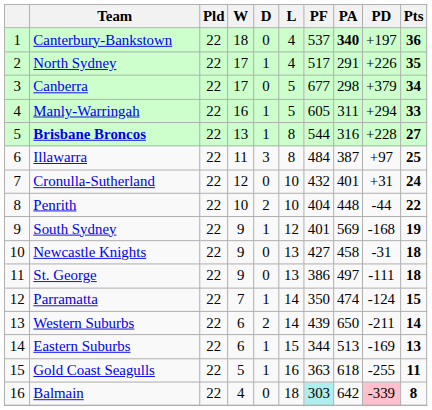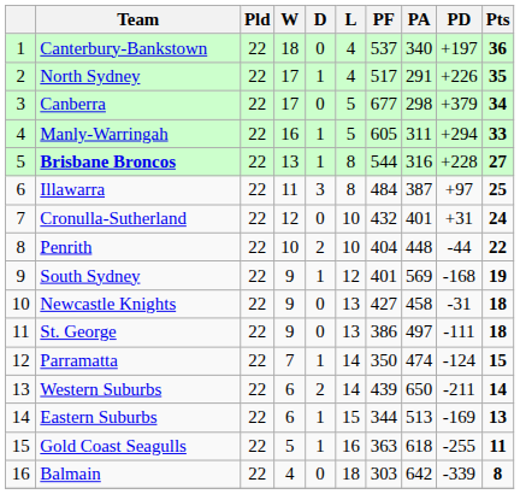 <table class="wikitable" style="text-align:center;">
 <tr>
 <th width=20 abbr="Position×"></th>
 <th width=175>Team</th>
 <th width=20 abbr="Played">Pld</th>
 <th width=20 abbr="Won">W</th>
 <th width=20 abbr="Drawn">D</th>
 <th width=20 abbr="Lost">L</th>
 <th width=20 abbr="Points for">PF</th>
 <th width=20 abbr="Points against">PA</th>
 <th width=20 abbr="Points difference">PD</th>
 <th width=20 abbr="Points">Pts</th>
 </tr>
 <tr style="background: #ccffcc;">
 <td>1</td>
 <td style="text-align:left;"> <a href='#'>Canterbury-Bankstown</a></td>
 <td>22</td>
 <td>18</td>
 <td>0</td>
 <td>4</td>
 <td>537</td>
-<td><strong>340</strong></td>
+<td>340</td>
 <td>+197</td>
 <td><strong>36</strong></td>
 </tr>
 <tr style="background: #ccffcc;">
 <td>2</td>
 <td style="text-align:left;"> <a href='#'>North Sydney</a></td>
 <td>22</td>
 <td>17</td>
 <td>1</td>
 <td>4</td>
 <td>517</td>
 <td>291</td>
 <td>+226</td>
 <td><strong>35</strong></td>
 </tr>
 <tr style="background: #ccffcc;">
 <td>3</td>
 <td style="text-align:left;"> <a href='#'>Canberra</a></td>
 <td>22</td>
 <td>17</td>
 <td>0</td>
 <td>5</td>
 <td>677</td>
 <td>298</td>
 <td>+379</td>
 <td><strong>34</strong></td>
 </tr>
 <tr style="background: #ccffcc;">
 <td>4</td>
 <td style="text-align:left;"> <a href='#'>Manly-Warringah</a></td>
 <td>22</td>
 <td>16</td>
 <td>1</td>
 <td>5</td>
 <td>605</td>
 <td>311</td>
 <td>+294</td>
 <td><strong>33</strong></td>
 </tr>
 <tr style="background: #ccffcc;">
 <td>5</td>
 <td style="text-align:left;"> <strong><a href='#'>Brisbane Broncos</a></strong></td>
 <td>22</td>
 <td>13</td>
 <td>1</td>
 <td>8</td>
 <td>544</td>
 <td>316</td>
 <td>+228</td>
 <td><strong>27</strong></td>
 </tr>
 <tr>
 <td>6</td>
 <td style="text-align:left;"> <a href='#'>Illawarra</a></td>
 <td>22</td>
 <td>11</td>
 <td>3</td>
 <td>8</td>
 <td>484</td>
 <td>387</td>
 <td>+97</td>
 <td><strong>25</strong></td>
 </tr>
 <tr>
 <td>7</td>
 <td style="text-align:left;"> <a href='#'>Cronulla-Sutherland</a></td>
 <td>22</td>
 <td>12</td>
 <td>0</td>
 <td>10</td>
 <td>432</td>
 <td>401</td>
 <td>+31</td>
 <td><strong>24</strong></td>
 </tr>
 <tr>
 <td>8</td>
 <td style="text-align:left;"> <a href='#'>Penrith</a></td>
 <td>22</td>
 <td>10</td>
 <td>2</td>
 <td>10</td>
 <td>404</td>
 <td>448</td>
 <td>-44</td>
 <td><strong>22</strong></td>
 </tr>
 <tr>
 <td>9</td>
 <td style="text-align:left;"> <a href='#'>South Sydney</a></td>
 <td>22</td>
 <td>9</td>
 <td>1</td>
 <td>12</td>
 <td>401</td>
 <td>569</td>
 <td>-168</td>
 <td><strong>19</strong></td>
 </tr>
 <tr>
 <td>10</td>
 <td style="text-align:left;"> <a href='#'>Newcastle Knights</a></td>
 <td>22</td>
 <td>9</td>
 <td>0</td>
 <td>13</td>
 <td>427</td>
 <td>458</td>
 <td>-31</td>
 <td><strong>18</strong></td>
 </tr>
 <tr>
 <td>11</td>
 <td style="text-align:left;"> <a href='#'>St. George</a></td>
 <td>22</td>
 <td>9</td>
 <td>0</td>
 <td>13</td>
 <td>386</td>
 <td>497</td>
 <td>-111</td>
 <td><strong>18</strong></td>
 </tr>
 <tr>
 <td>12</td>
 <td style="text-align:left;"> <a href='#'>Parramatta</a></td>
 <td>22</td>
 <td>7</td>
 <td>1</td>
 <td>14</td>
 <td>350</td>
 <td>474</td>
 <td>-124</td>
 <td><strong>15</strong></td>
 </tr>
 <tr>
 <td>13</td>
 <td style="text-align:left;"> <a href='#'>Western Suburbs</a></td>
 <td>22</td>
 <td>6</td>
 <td>2</td>
 <td>14</td>
 <td>439</td>
 <td>650</td>
 <td>-211</td>
 <td><strong>14</strong></td>
 </tr>
 <tr>
 <td>14</td>
 <td style="text-align:left;"> <a href='#'>Eastern Suburbs</a></td>
 <td>22</td>
 <td>6</td>
 <td>1</td>
 <td>15</td>
 <td>344</td>
 <td>513</td>
 <td>-169</td>
 <td><strong>13</strong></td>
 </tr>
 <tr>
 <td>15</td>
 <td style="text-align:left;"> <a href='#'>Gold Coast Seagulls</a></td>
 <td>22</td>
 <td>5</td>
 <td>1</td>
 <td>16</td>
 <td>363</td>
 <td>618</td>
 <td>-255</td>
 <td><strong>11</strong></td>
 </tr>
 <tr>
 <td>16</td>
 <td style="text-align:left;"> <a href='#'>Balmain</a></td>
 <td>22</td>
 <td>4</td>
 <td>0</td>
 <td>18</td>
-<td style="background: paleturquoise;">303</td>
+<td>303</td>
 <td>642</td>
-<td style="background: pink;">-339</td>
+<td>-339</td>
 <td><strong>8</strong></td>
 </tr>
 <tr>
 </tr>
 </table>
